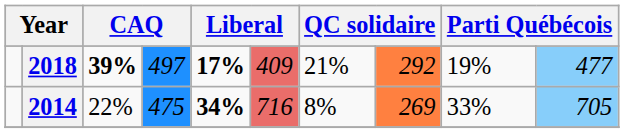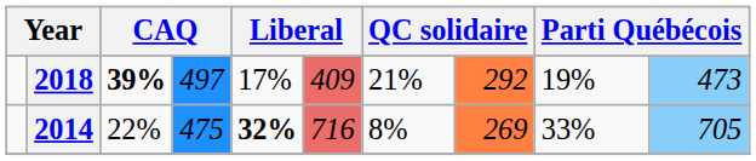 <table class="wikitable" style="float:right; width:400; font-size:90%; margin-left:1em;">
 <tr>
 <th colspan="2" scope="col">Year</th>
 <th colspan="2" scope="col"><a href='#'>CAQ</a></th>
 <th colspan="2" scope="col"><a href='#'>Liberal</a></th>
 <th colspan="2" scope="col"><a href='#'>QC solidaire</a></th>
 <th colspan="2" scope="col"><a href='#'>Parti Québécois</a></th>
 </tr>
 <tr>
 <td style="width: 0.25em; background-color: "></td>
 <th><a href='#'>2018</a></th>
 <td><strong>39%</strong></td>
 <td style="text-align:right; background:#1E90FF;"><em>497</em></td>
-<td><strong>17%</strong></td>
+<td>17%</td>
 <td style="text-align:right; background:#EA6D6A;"><em>409</em></td>
 <td>21%</td>
 <td style="text-align:right; background:#FF8040;"><em>292</em></td>
 <td>19%</td>
-<td style="text-align:right; background:#87CEFA;"><em>477</em></td>
+<td style="text-align:right; background:#87CEFA;"><em>473</em></td>
 </tr>
 <tr>
 <td style="width: 0.25em; background-color: "></td>
 <th><a href='#'>2014</a></th>
 <td>22%</td>
 <td style="text-align:right; background:#1E90FF;"><em>475</em></td>
-<td><strong>34%</strong></td>
+<td><strong>32%</strong></td>
 <td style="text-align:right; background:#EA6D6A;"><em>716</em></td>
 <td>8%</td>
 <td style="text-align:right; background:#FF8040;"><em>269</em></td>
 <td>33%</td>
 <td style="text-align:right; background:#87CEFA;"><em>705</em></td>
 </tr>
 <tr>
 </tr>
 </table>
